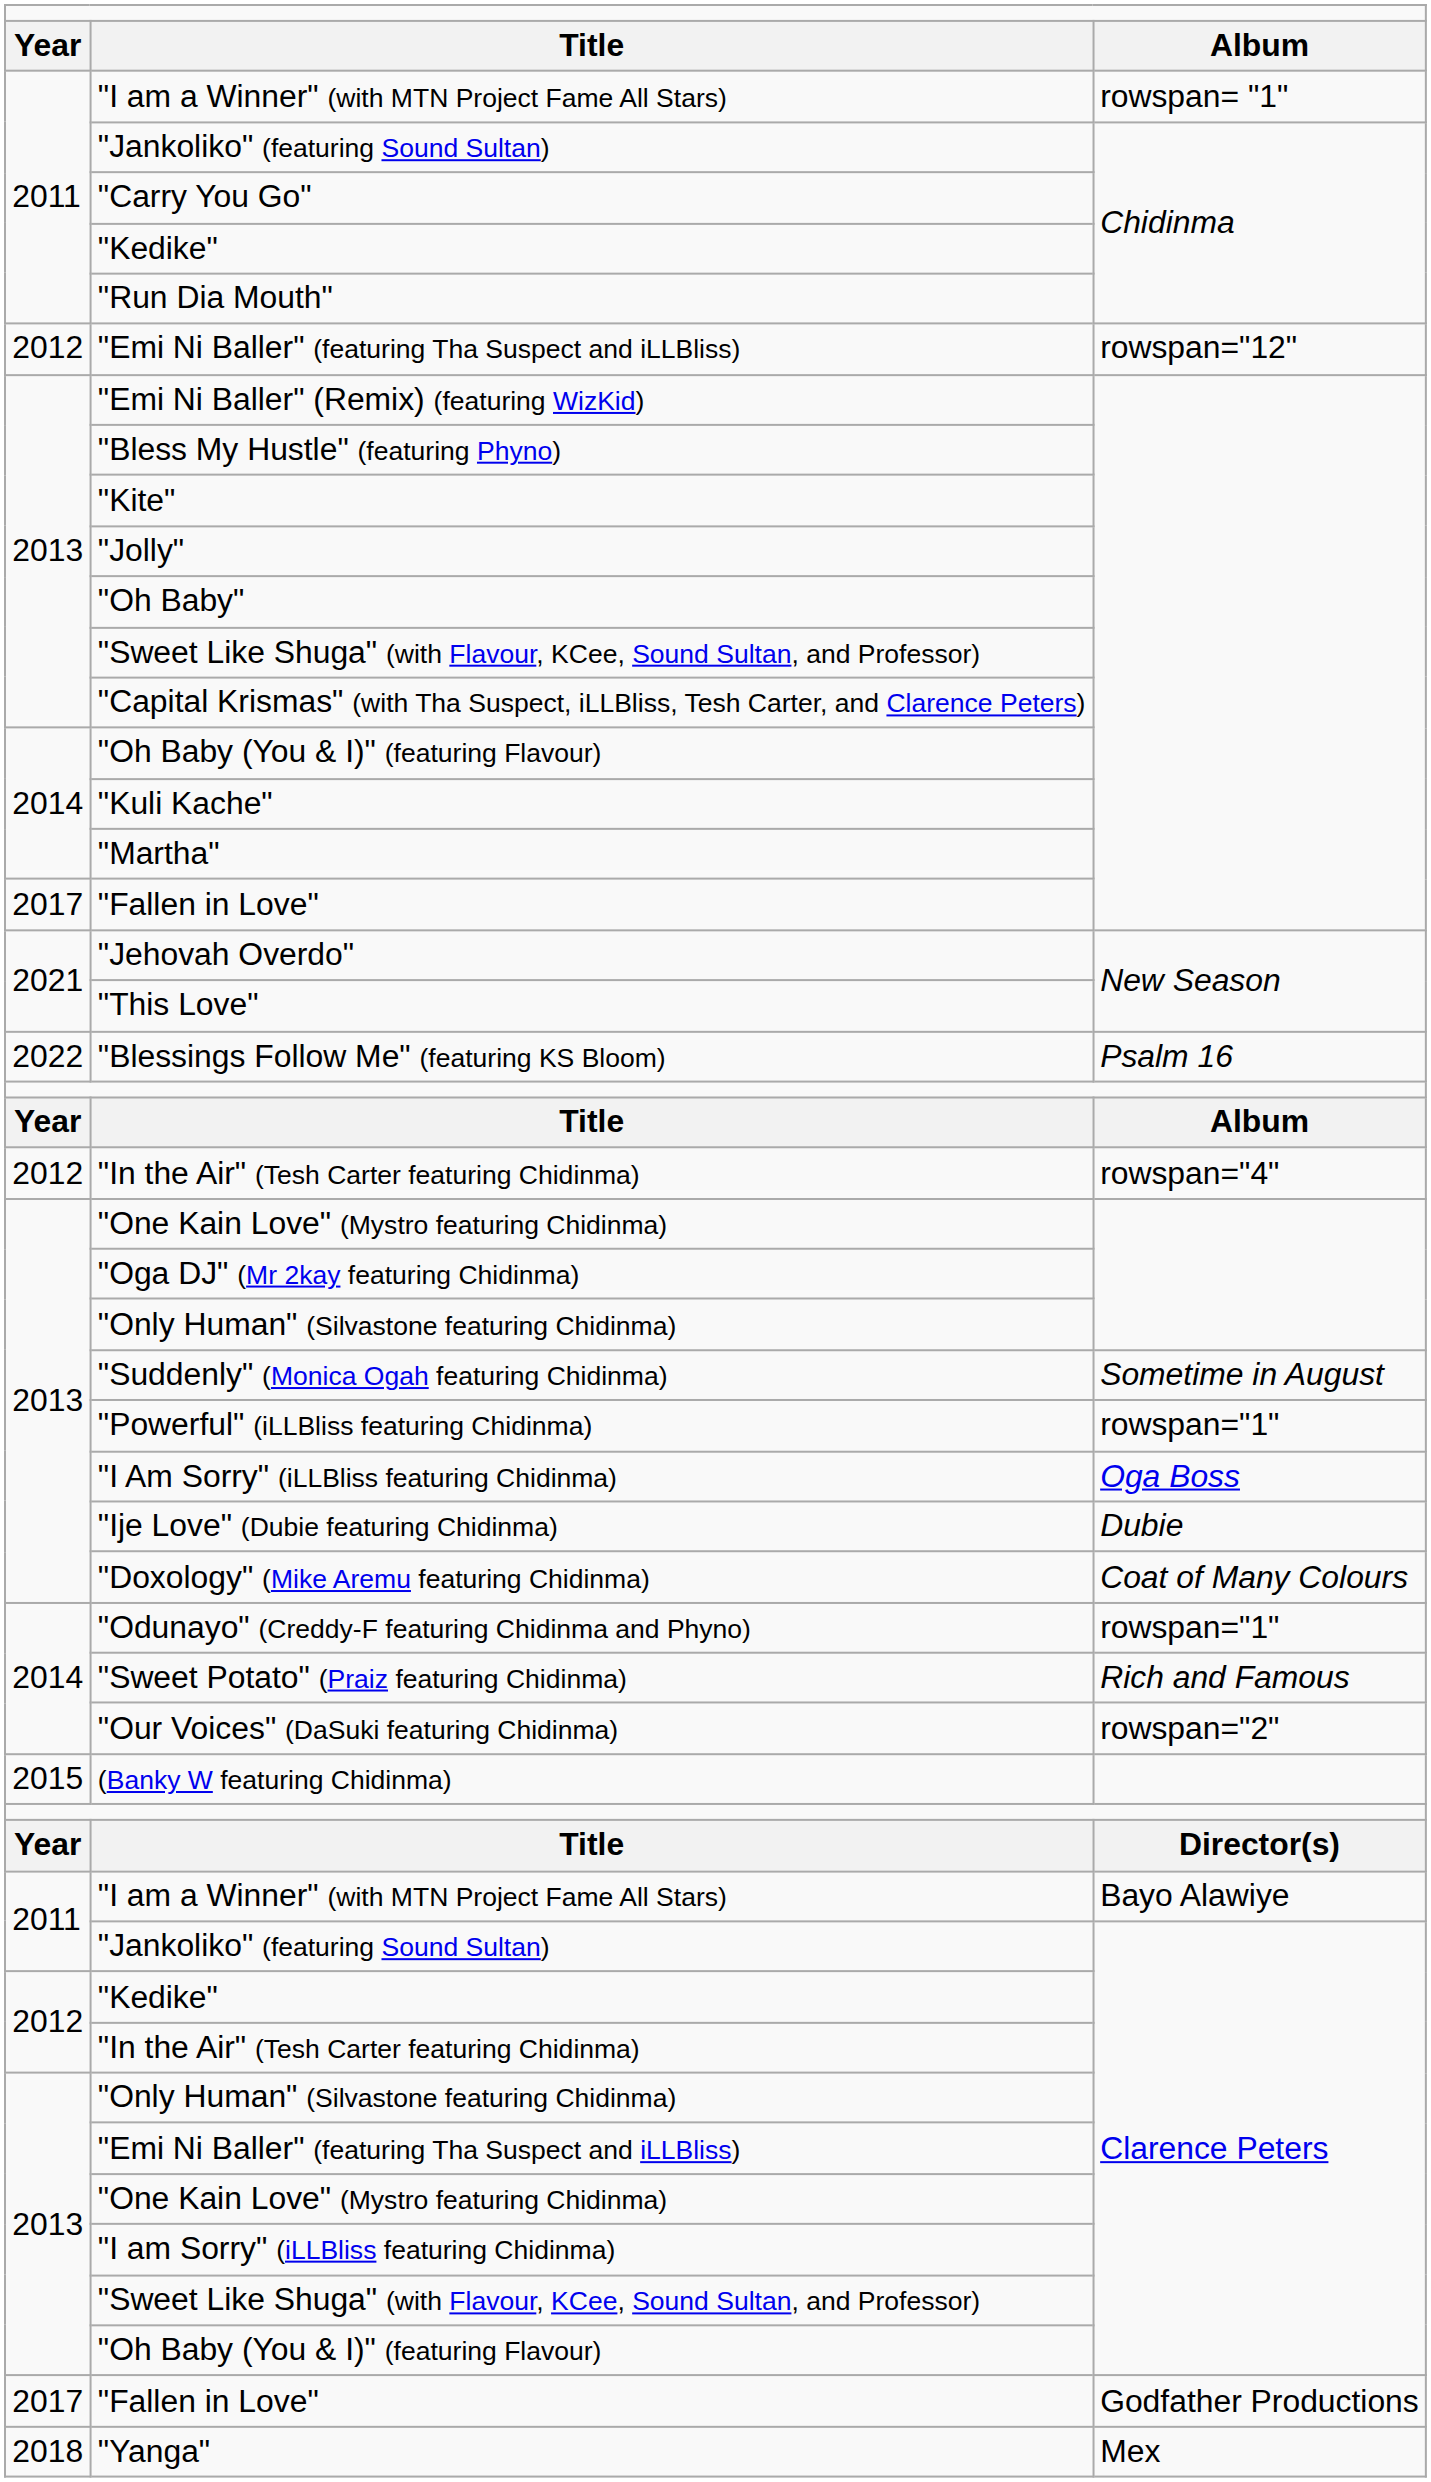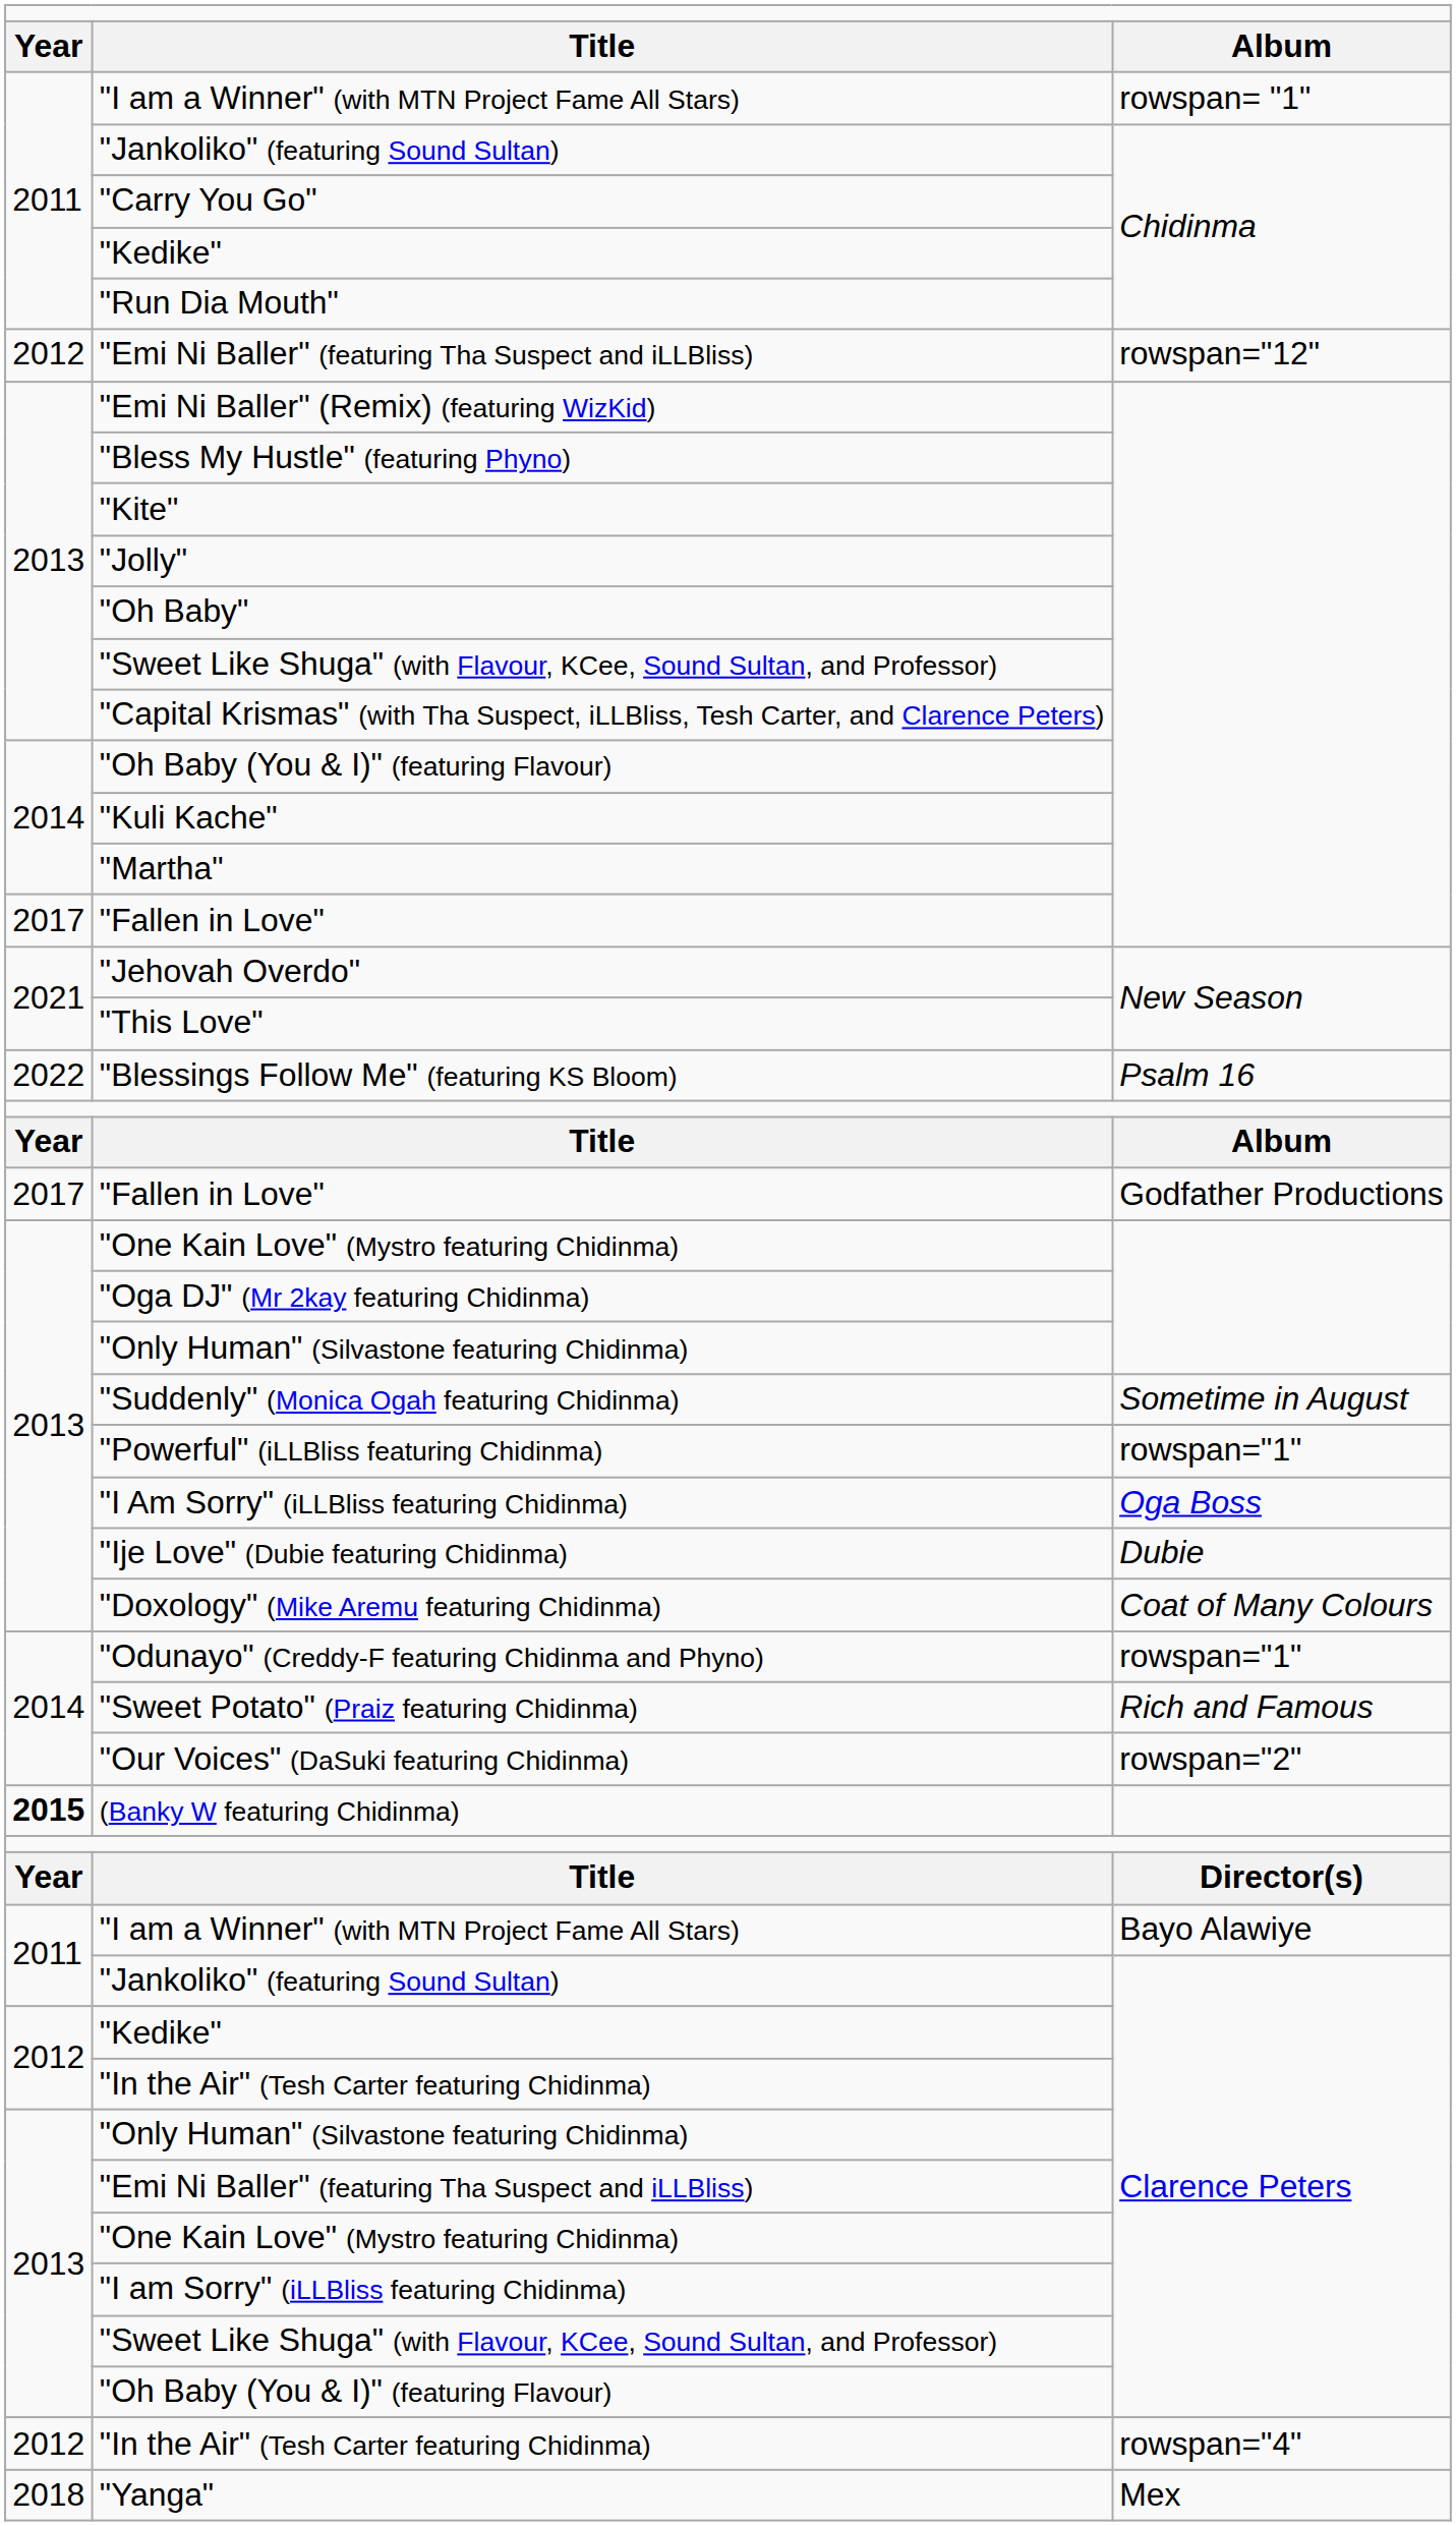 <table class="wikitable sortable">
 <tr>
 <td colspan="3" style="font-size:110%"></td>
 </tr>
 <tr>
 <th>Year</th>
 <th>Title</th>
 <th>Album</th>
 </tr>
 <tr>
 <td rowspan="5">2011</td>
 <td>"I am a Winner" <small>(with MTN Project Fame All Stars)</small></td>
 <td>rowspan= "1" </td>
 </tr>
 <tr>
 <td>"Jankoliko" <small>(featuring <a href='#'>Sound Sultan</a>)</small></td>
 <td rowspan="4"><em>Chidinma</em></td>
 </tr>
 <tr>
 <td>"Carry You Go"</td>
 </tr>
 <tr>
 <td>"Kedike"</td>
 </tr>
 <tr>
 <td>"Run Dia Mouth"</td>
 </tr>
 <tr>
 <td>2012</td>
 <td>"Emi Ni Baller" <small>(featuring Tha Suspect and iLLBliss)</small></td>
 <td>rowspan="12" </td>
 </tr>
 <tr>
 <td rowspan="7">2013</td>
 <td>"Emi Ni Baller" (Remix) <small>(featuring <a href='#'>WizKid</a>)</small></td>
 </tr>
 <tr>
 <td>"Bless My Hustle" <small>(featuring <a href='#'>Phyno</a>)</small></td>
 </tr>
 <tr>
 <td>"Kite"</td>
 </tr>
 <tr>
 <td>"Jolly"</td>
 </tr>
 <tr>
 <td>"Oh Baby"</td>
 </tr>
 <tr>
 <td>"Sweet Like Shuga" <small>(with <a href='#'>Flavour</a>, KCee, <a href='#'>Sound Sultan</a>, and Professor)</small></td>
 </tr>
 <tr>
 <td>"Capital Krismas" <small>(with Tha Suspect, iLLBliss, Tesh Carter, and <a href='#'>Clarence Peters</a>)</small></td>
 </tr>
 <tr>
 <td rowspan="3">2014</td>
 <td>"Oh Baby (You & I)" <small>(featuring Flavour)</small></td>
 </tr>
 <tr>
 <td>"Kuli Kache"</td>
 </tr>
 <tr>
 <td>"Martha"</td>
 </tr>
 <tr>
 <td rowspan="1">2017</td>
 <td>"Fallen in Love"</td>
 </tr>
 <tr>
 <td rowspan="2">2021</td>
 <td>"Jehovah Overdo"</td>
 <td rowspan="2"><em>New Season</em></td>
 </tr>
 <tr>
 <td>"This Love"</td>
 </tr>
 <tr>
 <td>2022</td>
 <td>"Blessings Follow Me" <small>(featuring KS Bloom)</small></td>
 <td><em>Psalm 16</em></td>
 </tr>
 <tr>
 <td colspan="3" style="font-size:110%"></td>
 </tr>
 <tr>
 <th>Year</th>
 <th>Title</th>
 <th>Album</th>
 </tr>
 <tr>
-<td>2012</td>
-<td>"In the Air" <small>(Tesh Carter featuring Chidinma)</small></td>
-<td>rowspan="4" </td>
+<td rowspan="1">2017</td>
+<td>"Fallen in Love"</td>
+<td>Godfather Productions</td>
 </tr>
 <tr>
 <td rowspan="8">2013</td>
 <td>"One Kain Love" <small>(Mystro featuring Chidinma)</small></td>
 </tr>
 <tr>
 <td>"Oga DJ" <small>(<a href='#'>Mr 2kay</a> featuring Chidinma)</small></td>
 </tr>
 <tr>
 <td>"Only Human" <small>(Silvastone featuring Chidinma)</small></td>
 </tr>
 <tr>
 <td>"Suddenly" <small>(<a href='#'>Monica Ogah</a> featuring Chidinma)</small></td>
 <td><em>Sometime in August</em></td>
 </tr>
 <tr>
 <td>"Powerful" <small>(iLLBliss featuring Chidinma)</small></td>
 <td>rowspan="1" </td>
 </tr>
 <tr>
 <td>"I Am Sorry" <small>(iLLBliss featuring Chidinma)</small></td>
 <td><em><a href='#'>Oga Boss</a></em></td>
 </tr>
 <tr>
 <td>"Ije Love" <small>(Dubie featuring Chidinma)</small></td>
 <td><em>Dubie</em></td>
 </tr>
 <tr>
 <td>"Doxology" <small>(<a href='#'>Mike Aremu</a> featuring Chidinma)</small></td>
 <td><em>Coat of Many Colours</em></td>
 </tr>
 <tr>
 <td rowspan="3">2014</td>
 <td>"Odunayo" <small>(Creddy-F featuring Chidinma and Phyno)</small></td>
 <td>rowspan="1" </td>
 </tr>
 <tr>
 <td>"Sweet Potato" <small>(<a href='#'>Praiz</a> featuring Chidinma)</small></td>
 <td><em>Rich and Famous</em></td>
 </tr>
 <tr>
 <td>"Our Voices" <small>(DaSuki featuring Chidinma)</small></td>
 <td>rowspan="2" </td>
 </tr>
 <tr>
-<td>2015</td>
+<td><strong>2015</strong></td>
 <td> <small>(<a href='#'>Banky W</a> featuring Chidinma)</small></td>
 </tr>
 <tr>
 <td colspan="3" style="font-size:110%"></td>
 </tr>
 <tr>
 <th>Year</th>
 <th>Title</th>
 <th>Director(s)</th>
 </tr>
 <tr>
 <td rowspan="2">2011</td>
 <td>"I am a Winner" <small>(with MTN Project Fame All Stars)</small></td>
 <td>Bayo Alawiye</td>
 </tr>
 <tr>
 <td>"Jankoliko" <small>(featuring <a href='#'>Sound Sultan</a>)</small></td>
 <td rowspan="9"><a href='#'>Clarence Peters</a></td>
 </tr>
 <tr>
 <td rowspan="2">2012</td>
 <td>"Kedike"</td>
 </tr>
 <tr>
 <td>"In the Air" <small>(Tesh Carter featuring Chidinma)</small></td>
 </tr>
 <tr>
 <td rowspan="6">2013</td>
 <td>"Only Human" <small>(Silvastone featuring Chidinma)</small></td>
 </tr>
 <tr>
 <td>"Emi Ni Baller" <small>(featuring Tha Suspect and <a href='#'>iLLBliss</a>)</small></td>
 </tr>
 <tr>
 <td>"One Kain Love" <small>(Mystro featuring Chidinma)</small></td>
 </tr>
 <tr>
 <td>"I am Sorry" <small>(<a href='#'>iLLBliss</a> featuring Chidinma)</small></td>
 </tr>
 <tr>
 <td>"Sweet Like Shuga" <small>(with <a href='#'>Flavour</a>, <a href='#'>KCee</a>, <a href='#'>Sound Sultan</a>, and Professor)</small></td>
 </tr>
 <tr>
 <td>"Oh Baby (You & I)" <small>(featuring Flavour)</small></td>
 </tr>
 <tr>
-<td rowspan="1">2017</td>
-<td>"Fallen in Love"</td>
-<td>Godfather Productions</td>
+<td>2012</td>
+<td>"In the Air" <small>(Tesh Carter featuring Chidinma)</small></td>
+<td>rowspan="4" </td>
 </tr>
 <tr>
 <td rowspan="2">2018</td>
 <td>"Yanga"</td>
 <td>Mex</td>
 </tr>
 </table>
